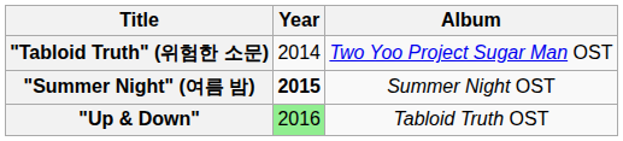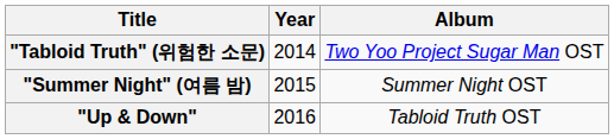 <table class="wikitable plainrowheaders" style="text-align:center;">
 <tr>
 <th scope="col">Title</th>
 <th scope="col">Year</th>
 <th scope="col">Album</th>
 </tr>
 <tr>
 <th scope="row">"Tabloid Truth" (위험한 소문)</th>
 <td>2014</td>
 <td><em><a href='#'>Two Yoo Project Sugar Man</a></em> OST</td>
 </tr>
 <tr>
 <th scope="row">"Summer Night" (여름 밤)</th>
-<td><strong>2015</strong></td>
+<td>2015</td>
 <td><em>Summer Night</em> OST</td>
 </tr>
 <tr>
 <th scope="row">"Up & Down"</th>
-<td style="background: lightgreen;">2016</td>
+<td>2016</td>
 <td><em>Tabloid Truth</em> OST</td>
 </tr>
 <tr>
 </tr>
 </table>
